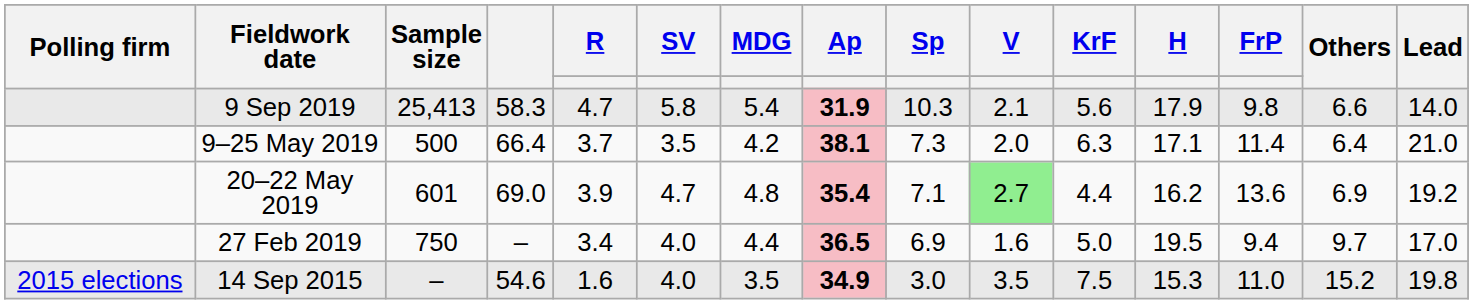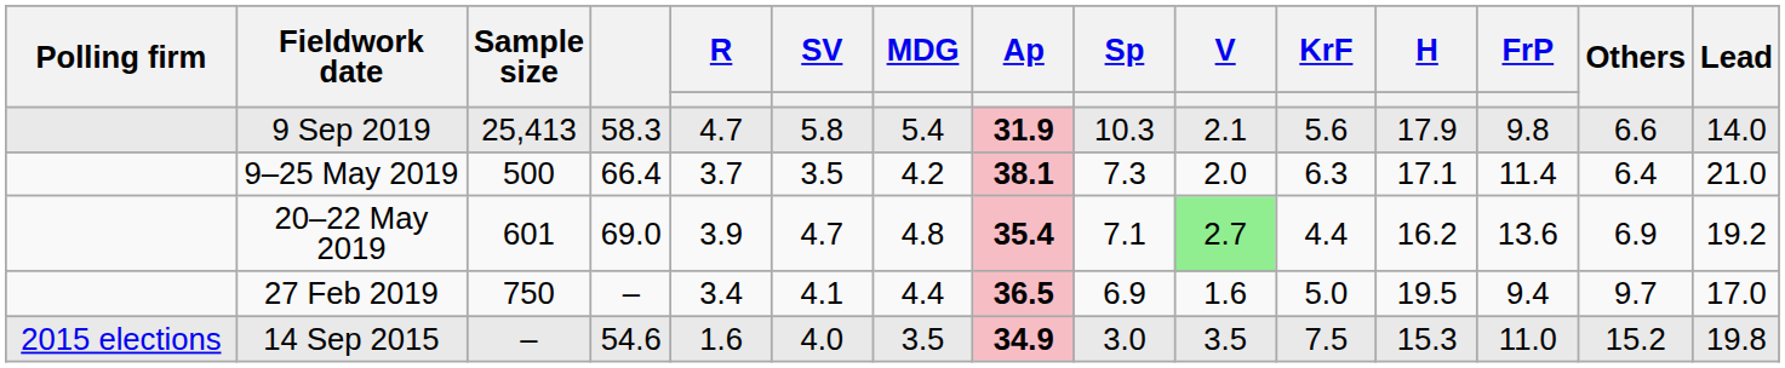 <table class="wikitable sortable" style="text-align:center;font-size:90%;line-height:14px;">
 <tr style="height:40px;">
 <th style="width:100px;" rowspan="2">Polling firm</th>
 <th style="width:100px;" rowspan="2">Fieldwork date</th>
 <th style="width:35px;" rowspan="2">Sample<br>size</th>
 <th style="width:30px;" rowspan="2"></th>
 <th class="unsortable" style="width:40px;"><a href='#'>R</a></th>
 <th class="unsortable" style="width:40px;"><a href='#'>SV</a></th>
 <th class="unsortable" style="width:40px;"><a href='#'>MDG</a></th>
 <th class="unsortable" style="width:40px;"><a href='#'>Ap</a></th>
 <th class="unsortable" style="width:40px;"><a href='#'>Sp</a></th>
 <th class="unsortable" style="width:40px;"><a href='#'>V</a></th>
 <th class="unsortable" style="width:40px;"><a href='#'>KrF</a></th>
 <th class="unsortable" style="width:40px;"><a href='#'>H</a></th>
 <th class="unsortable" style="width:40px;"><a href='#'>FrP</a></th>
 <th class="unsortable" style="width:30px;" rowspan="2">Others</th>
 <th style="width:30px;" rowspan="2">Lead</th>
 </tr>
 <tr>
 <th style="background:"></th>
 <th style="background:"></th>
 <th style="background:"></th>
 <th style="background:"></th>
 <th style="background:"></th>
 <th style="background:"></th>
 <th style="background:"></th>
 <th style="background:"></th>
 <th style="background:"></th>
 </tr>
 <tr style="background:#E9E9E9;">
 <td></td>
 <td data-sort-value="2019-09-09">9 Sep 2019</td>
 <td>25,413</td>
 <td>58.3</td>
 <td>4.7</td>
 <td>5.8</td>
 <td>5.4</td>
 <td style="background:#F7BDC5;"><strong>31.9</strong></td>
 <td>10.3</td>
 <td>2.1</td>
 <td>5.6</td>
 <td>17.9</td>
 <td>9.8</td>
 <td>6.6</td>
 <td style="background:">14.0</td>
 </tr>
 <tr>
 <td></td>
 <td data-sort-value="2019-05-25">9–25 May 2019</td>
 <td>500</td>
 <td>66.4</td>
 <td>3.7</td>
 <td>3.5</td>
 <td>4.2</td>
 <td style="background:#F7BDC5;"><strong>38.1</strong></td>
 <td>7.3</td>
 <td>2.0</td>
 <td>6.3</td>
 <td>17.1</td>
 <td>11.4</td>
 <td>6.4</td>
 <td style="background:">21.0</td>
 </tr>
 <tr>
 <td></td>
 <td data-sort-value="2019-05-22">20–22 May 2019</td>
 <td>601</td>
 <td>69.0</td>
 <td>3.9</td>
 <td>4.7</td>
 <td>4.8</td>
 <td style="background:#F7BDC5;"><strong>35.4</strong></td>
 <td>7.1</td>
 <td style="background: lightgreen;">2.7</td>
 <td>4.4</td>
 <td>16.2</td>
 <td>13.6</td>
 <td>6.9</td>
 <td style="background:">19.2</td>
 </tr>
 <tr>
 <td></td>
 <td data-sort-value="2019-02-27">27 Feb 2019</td>
 <td>750</td>
 <td>–</td>
 <td>3.4</td>
-<td>4.0</td>
+<td>4.1</td>
 <td>4.4</td>
 <td style="background:#F7BDC5;"><strong>36.5</strong></td>
 <td>6.9</td>
 <td>1.6</td>
 <td>5.0</td>
 <td>19.5</td>
 <td>9.4</td>
 <td>9.7</td>
 <td style="background:">17.0</td>
 </tr>
 <tr style="background:#E9E9E9;">
 <td><a href='#'>2015 elections</a></td>
 <td data-sort-value="2015-09-14">14 Sep 2015</td>
 <td>–</td>
 <td>54.6</td>
 <td>1.6</td>
 <td>4.0</td>
 <td>3.5</td>
 <td style="background:#F7BDC5;"><strong>34.9</strong></td>
 <td>3.0</td>
 <td>3.5</td>
 <td>7.5</td>
 <td>15.3</td>
 <td>11.0</td>
 <td>15.2</td>
 <td style="background:">19.8</td>
 </tr>
 </table>
